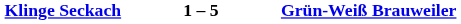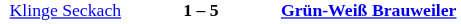 <table width=100% cellspacing=1>
 <tr>
 <th width=25%></th>
 <th width=10%></th>
 <th width=25%></th>
 <th></th>
 </tr>
 <tr style=font-size:90%>
-<td align=right><strong><a href='#'>Klinge Seckach</a></strong></td>
+<td align=right><a href='#'>Klinge Seckach</a></td>
 <td align=center><strong>1 – 5</strong></td>
 <td><strong><a href='#'>Grün-Weiß Brauweiler</a></strong></td>
 </tr>
 </table>
